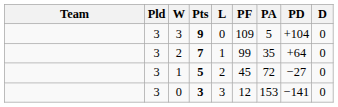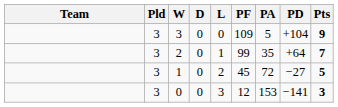 <table class="wikitable" style="text-align:center;">
 <tr>
 <th width=175>Team</th>
 <th style="width:20px;" abbr="Played">Pld</th>
 <th style="width:20px;" abbr="Won">W</th>
-<th style="width:20px;" abbr="Points">Pts</th>
+<th style="width:20px;" abbr="Drawn">D</th>
 <th style="width:20px;" abbr="Lost">L</th>
 <th style="width:20px;" abbr="Points for">PF</th>
 <th style="width:20px;" abbr="Points against">PA</th>
 <th style="width:25px;" abbr="Points difference">PD</th>
-<th style="width:20px;" abbr="Drawn">D</th>
+<th style="width:20px;" abbr="Points">Pts</th>
 </tr>
 <tr>
 <td align=left></td>
 <td>3</td>
 <td>3</td>
-<td><strong>9</strong></td>
+<td>0</td>
 <td>0</td>
 <td>109</td>
 <td>5</td>
 <td>+104</td>
-<td>0</td>
+<td><strong>9</strong></td>
 </tr>
 <tr>
 <td align=left></td>
 <td>3</td>
 <td>2</td>
-<td><strong>7</strong></td>
+<td>0</td>
 <td>1</td>
 <td>99</td>
 <td>35</td>
 <td>+64</td>
-<td>0</td>
+<td><strong>7</strong></td>
 </tr>
 <tr>
 <td align=left></td>
 <td>3</td>
 <td>1</td>
-<td><strong>5</strong></td>
+<td>0</td>
 <td>2</td>
 <td>45</td>
 <td>72</td>
 <td>−27</td>
-<td>0</td>
+<td><strong>5</strong></td>
 </tr>
 <tr>
 <td align=left></td>
 <td>3</td>
 <td>0</td>
-<td><strong>3</strong></td>
+<td>0</td>
 <td>3</td>
 <td>12</td>
 <td>153</td>
 <td>−141</td>
-<td>0</td>
+<td><strong>3</strong></td>
 </tr>
 </table>
